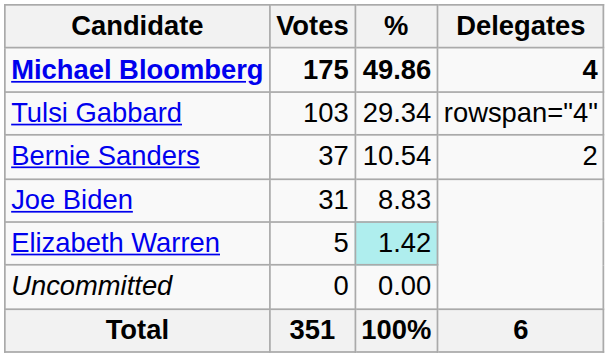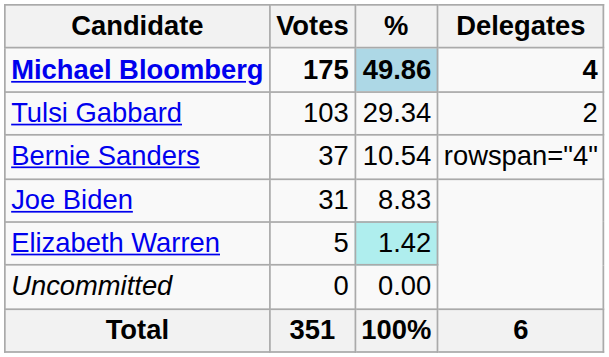 <table class="wikitable sortable" style="text-align:right;">
 <tr>
 <th>Candidate</th>
 <th>Votes</th>
 <th>%</th>
 <th>Delegates</th>
 </tr>
 <tr>
 <td style="text-align:left;" data-sort-value="Bloomberg, Michael"><strong><a href='#'>Michael Bloomberg</a></strong></td>
 <td><strong>175</strong></td>
-<td><strong>49.86</strong></td>
+<td style="background: lightblue;"><strong>49.86</strong></td>
 <td><strong>4</strong></td>
 </tr>
 <tr>
 <td style="text-align:left;" data-sort-value="Gabbard, Tulsi"><a href='#'>Tulsi Gabbard</a></td>
 <td>103</td>
 <td>29.34</td>
-<td>rowspan="4" </td>
+<td>2</td>
 </tr>
 <tr>
 <td style="text-align:left;" data-sort-value="Sanders, Bernie"><a href='#'>Bernie Sanders</a></td>
 <td>37</td>
 <td>10.54</td>
-<td>2</td>
+<td>rowspan="4" </td>
 </tr>
 <tr>
 <td style="text-align:left;" data-sort-value="Biden, Joe"><a href='#'>Joe Biden</a></td>
 <td>31</td>
 <td>8.83</td>
 </tr>
 <tr>
 <td style="text-align:left;" data-sort-value="Warren, Elizabeth"><a href='#'>Elizabeth Warren</a></td>
 <td>5</td>
 <td style="background: paleturquoise;">1.42</td>
 </tr>
 <tr>
 <td style="text-align:left;" data-sort-value="ZZ"><em>Uncommitted</em></td>
 <td>0</td>
 <td>0.00</td>
 </tr>
 <tr>
 <th>Total</th>
 <th>351</th>
 <th>100%</th>
 <th>6</th>
 </tr>
 </table>
